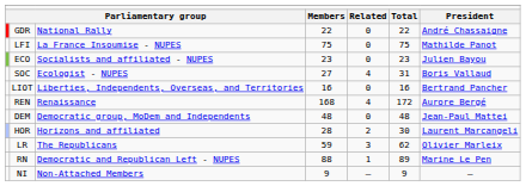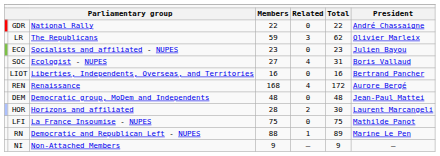 <table class="wikitable" style="font-size:95%; text-align:center">
 <tr style="background-color:#E9E9E9;">
 </tr>
 <tr>
 <td colspan="7"></td>
 </tr>
 <tr>
 <th colspan="3">Parliamentary group</th>
 <th>Members</th>
 <th>Related</th>
 <th>Total</th>
 <th>President</th>
 </tr>
 <tr>
 <td style="background:#FF0000;"></td>
 <td>GDR</td>
 <td style="text-align:left;"><a href='#'>National Rally</a></td>
 <td>22</td>
 <td>0</td>
 <td>22</td>
 <td style="text-align:left;"><a href='#'>André Chassaigne</a></td>
 </tr>
 <tr>
 <td style="background:"></td>
-<td>LFI</td>
-<td style="text-align:left;"><a href='#'>La France Insoumise</a> - <a href='#'>NUPES</a></td>
-<td>75</td>
-<td>0</td>
-<td>75</td>
-<td style="text-align:left;"><a href='#'>Mathilde Panot</a></td>
+<td>LR</td>
+<td style="text-align:left;"><a href='#'>The Republicans</a></td>
+<td>59</td>
+<td>3</td>
+<td>62</td>
+<td style="text-align:left;"><a href='#'>Olivier Marleix</a></td>
 </tr>
 <tr>
 <td style="background:#7BC144;"></td>
 <td>ECO</td>
 <td style="text-align:left;"><a href='#'>Socialists and affiliated</a> - <a href='#'>NUPES</a></td>
 <td>23</td>
 <td>0</td>
 <td>23</td>
 <td style="text-align:left;"><a href='#'>Julien Bayou</a></td>
 </tr>
 <tr>
 <td style="background:"></td>
 <td>SOC</td>
 <td style="text-align:left;"><a href='#'>Ecologist</a> - <a href='#'>NUPES</a></td>
 <td>27</td>
 <td>4</td>
 <td>31</td>
 <td style="text-align:left;"><a href='#'>Boris Vallaud</a></td>
 </tr>
 <tr>
 <td style="background:"></td>
 <td>LIOT</td>
 <td style="text-align:left;"><a href='#'>Liberties, Independents, Overseas, and Territories</a></td>
 <td>16</td>
 <td>0</td>
 <td>16</td>
 <td style="text-align:left;"><a href='#'>Bertrand Pancher</a></td>
 </tr>
 <tr>
 <td style="background:"></td>
 <td>REN</td>
 <td style="text-align:left;"><a href='#'>Renaissance</a></td>
 <td>168</td>
 <td>4</td>
 <td>172</td>
 <td style="text-align:left;"><a href='#'>Aurore Bergé</a></td>
 </tr>
 <tr>
 <td style="background:"></td>
 <td>DEM</td>
 <td style="text-align:left;"><a href='#'>Democratic group, MoDem and Independents</a></td>
 <td>48</td>
 <td>0</td>
 <td>48</td>
 <td style="text-align:left;"><a href='#'>Jean-Paul Mattei</a></td>
 </tr>
 <tr>
 <td style="background-color:#ADC1FD;"></td>
 <td>HOR</td>
 <td style="text-align:left;"><a href='#'>Horizons and affiliated</a></td>
 <td>28</td>
 <td>2</td>
 <td>30</td>
 <td style="text-align:left;"><a href='#'>Laurent Marcangeli</a></td>
 </tr>
 <tr>
 <td style="background:"></td>
-<td>LR</td>
-<td style="text-align:left;"><a href='#'>The Republicans</a></td>
-<td>59</td>
-<td>3</td>
-<td>62</td>
-<td style="text-align:left;"><a href='#'>Olivier Marleix</a></td>
+<td>LFI</td>
+<td style="text-align:left;"><a href='#'>La France Insoumise</a> - <a href='#'>NUPES</a></td>
+<td>75</td>
+<td>0</td>
+<td>75</td>
+<td style="text-align:left;"><a href='#'>Mathilde Panot</a></td>
 </tr>
 <tr>
 <td style="background:"></td>
 <td>RN</td>
 <td style="text-align:left;"><a href='#'>Democratic and Republican Left</a> - <a href='#'>NUPES</a></td>
 <td>88</td>
 <td>1</td>
 <td>89</td>
 <td style="text-align:left;"><a href='#'>Marine Le Pen</a></td>
 </tr>
 <tr>
 <td style="background:"></td>
 <td>NI</td>
 <td style="text-align:left;"><a href='#'>Non-Attached Members</a></td>
 <td>9</td>
 <td>–</td>
 <td>9</td>
 <td>–</td>
 </tr>
 </table>
